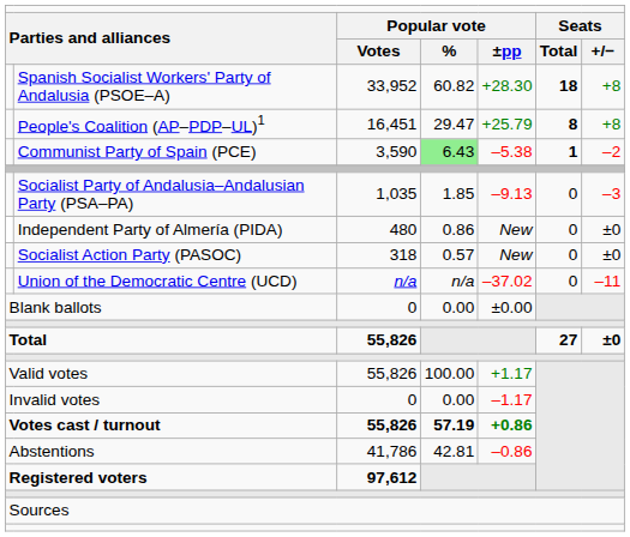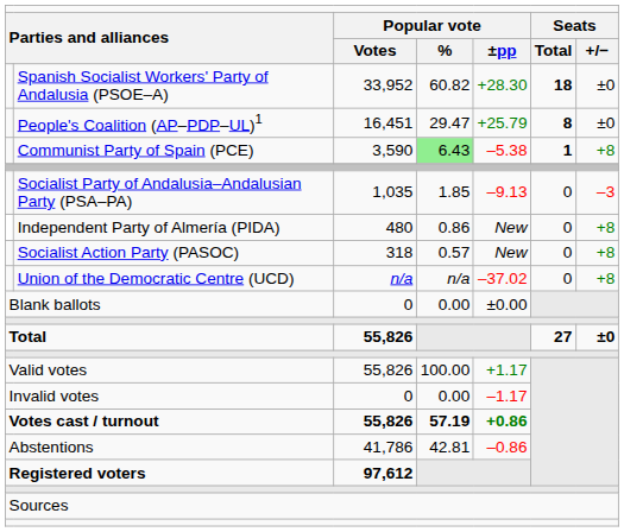 <table class="wikitable" style="text-align:right;">
 <tr>
 <td colspan="7"></td>
 </tr>
 <tr>
 <th style="text-align:left;" rowspan="2" colspan="2" width="525">Parties and alliances</th>
 <th colspan="3">Popular vote</th>
 <th colspan="2">Seats</th>
 </tr>
 <tr>
 <th width="75">Votes</th>
 <th width="45">%</th>
 <th width="45">±<a href='#'>pp</a></th>
 <th width="35">Total</th>
 <th width="35">+/−</th>
 </tr>
 <tr>
 <td width="1" style="color:inherit;background:"></td>
 <td align="left"><a href='#'>Spanish Socialist Workers' Party of Andalusia</a> (PSOE–A)</td>
 <td>33,952</td>
 <td>60.82</td>
 <td style="color:green;">+28.30</td>
 <td><strong>18</strong></td>
-<td style="color:green;">+8</td>
+<td>±0</td>
 </tr>
 <tr>
 <td style="color:inherit;background:"></td>
 <td align="left"><a href='#'>People's Coalition</a> (<a href='#'>AP</a>–<a href='#'>PDP</a>–<a href='#'>UL</a>)<sup>1</sup></td>
 <td>16,451</td>
 <td>29.47</td>
 <td style="color:green;">+25.79</td>
 <td><strong>8</strong></td>
-<td style="color:green;">+8</td>
+<td>±0</td>
 </tr>
 <tr>
 <td style="color:inherit;background:"></td>
 <td align="left"><a href='#'>Communist Party of Spain</a> (PCE)</td>
 <td>3,590</td>
 <td style="background: lightgreen;">6.43</td>
 <td style="color:red;">–5.38</td>
 <td><strong>1</strong></td>
-<td style="color:red;">–2</td>
+<td style="color:green;">+8</td>
 </tr>
 <tr>
 <td colspan="7" bgcolor="#C0C0C0"></td>
 </tr>
 <tr>
 <td style="color:inherit;background:"></td>
 <td align="left"><a href='#'>Socialist Party of Andalusia–Andalusian Party</a> (PSA–PA)</td>
 <td>1,035</td>
 <td>1.85</td>
 <td style="color:red;">–9.13</td>
 <td>0</td>
 <td style="color:red;">–3</td>
 </tr>
 <tr>
 <td bgcolor="white"></td>
 <td align="left">Independent Party of Almería (PIDA)</td>
 <td>480</td>
 <td>0.86</td>
 <td><em>New</em></td>
 <td>0</td>
-<td>±0</td>
+<td style="color:green;">+8</td>
 </tr>
 <tr>
 <td style="color:inherit;background:"></td>
 <td align="left"><a href='#'>Socialist Action Party</a> (PASOC)</td>
 <td>318</td>
 <td>0.57</td>
 <td><em>New</em></td>
 <td>0</td>
-<td>±0</td>
+<td style="color:green;">+8</td>
 </tr>
 <tr>
 <td style="color:inherit;background:"></td>
 <td align="left"><a href='#'>Union of the Democratic Centre</a> (UCD)</td>
 <td><em><a href='#'>n/a</a></em></td>
 <td><em>n/a</em></td>
 <td style="color:red;">–37.02</td>
 <td>0</td>
-<td style="color:red;">–11</td>
+<td style="color:green;">+8</td>
 </tr>
 <tr>
 <td align="left" colspan="2">Blank ballots</td>
 <td>0</td>
 <td>0.00</td>
 <td>±0.00</td>
 <td bgcolor="#E9E9E9" colspan="2"></td>
 </tr>
 <tr>
 <td colspan="7" bgcolor="#E9E9E9"></td>
 </tr>
 <tr style="font-weight:bold;">
 <td align="left" colspan="2">Total</td>
 <td>55,826</td>
 <td bgcolor="#E9E9E9" colspan="2"></td>
 <td>27</td>
 <td>±0</td>
 </tr>
 <tr>
 <td colspan="7" bgcolor="#E9E9E9"></td>
 </tr>
 <tr>
 <td align="left" colspan="2">Valid votes</td>
 <td>55,826</td>
 <td>100.00</td>
 <td style="color:green;">+1.17</td>
 <td bgcolor="#E9E9E9" colspan="2" rowspan="5"></td>
 </tr>
 <tr>
 <td align="left" colspan="2">Invalid votes</td>
 <td>0</td>
 <td>0.00</td>
 <td style="color:red;">–1.17</td>
 </tr>
 <tr style="font-weight:bold;">
 <td align="left" colspan="2">Votes cast / turnout</td>
 <td>55,826</td>
 <td>57.19</td>
 <td style="color:green;">+0.86</td>
 </tr>
 <tr>
 <td align="left" colspan="2">Abstentions</td>
 <td>41,786</td>
 <td>42.81</td>
 <td style="color:red;">–0.86</td>
 </tr>
 <tr style="font-weight:bold;">
 <td align="left" colspan="2">Registered voters</td>
 <td>97,612</td>
 <td bgcolor="#E9E9E9" colspan="2"></td>
 </tr>
 <tr>
 <td colspan="7" bgcolor="#E9E9E9"></td>
 </tr>
 <tr>
 <td align="left" colspan="7">Sources</td>
 </tr>
 <tr>
 <td colspan="7" style="text-align:left; max-width:790px;"></td>
 </tr>
 </table>
